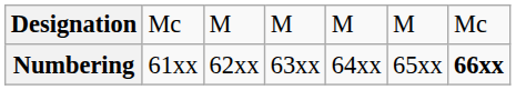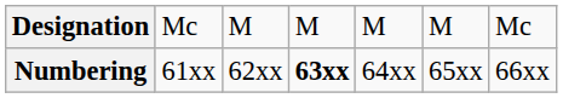 <table class="wikitable">
 <tr>
 <th>Designation</th>
 <td>Mc</td>
 <td>M</td>
 <td>M</td>
 <td>M</td>
 <td>M</td>
 <td>Mc</td>
 </tr>
 <tr>
 <th>Numbering</th>
 <td>61xx</td>
 <td>62xx</td>
-<td>63xx</td>
+<td><strong>63xx</strong></td>
 <td>64xx</td>
 <td>65xx</td>
-<td><strong>66xx</strong></td>
+<td>66xx</td>
 </tr>
 </table>
